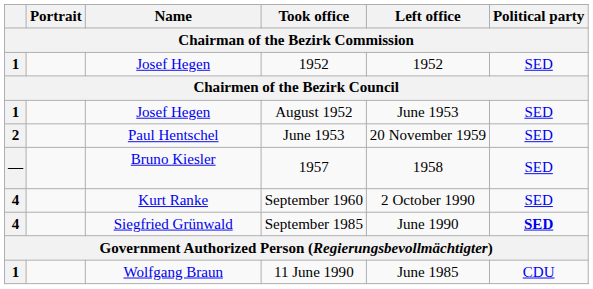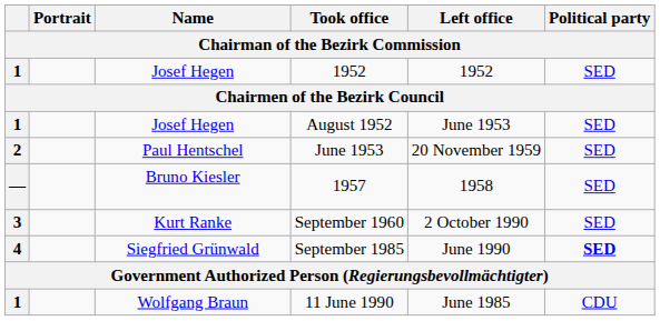 <table class="wikitable" style="text-align:center">
 <tr>
 <th></th>
 <th>Portrait</th>
 <th width=180>Name<br></th>
 <th>Took office</th>
 <th>Left office</th>
 <th>Political party</th>
 </tr>
 <tr>
 <th colspan=6>Chairman of the Bezirk Commission</th>
 </tr>
 <tr>
 <th style="background:">1</th>
 <td></td>
 <td><a href='#'>Josef Hegen</a><br></td>
 <td>1952</td>
 <td>1952</td>
 <td><a href='#'>SED</a></td>
 </tr>
 <tr>
 <th colspan=6>Chairmen of the Bezirk Council</th>
 </tr>
 <tr>
 <th style="background:">1</th>
 <td></td>
 <td><a href='#'>Josef Hegen</a><br></td>
 <td>August 1952</td>
 <td>June 1953</td>
 <td><a href='#'>SED</a></td>
 </tr>
 <tr>
 <th style="background:">2</th>
 <td></td>
 <td><a href='#'>Paul Hentschel</a><br></td>
 <td>June 1953</td>
 <td>20 November 1959</td>
 <td><a href='#'>SED</a></td>
 </tr>
 <tr>
 <th style="background:">—</th>
 <td></td>
 <td><a href='#'>Bruno Kiesler</a><br><br></td>
 <td>1957</td>
 <td>1958</td>
 <td><a href='#'>SED</a></td>
 </tr>
 <tr>
-<th style="background:">4</th>
+<th style="background:">3</th>
 <td></td>
 <td><a href='#'>Kurt Ranke</a><br></td>
 <td>September 1960</td>
 <td>2 October 1990</td>
 <td><a href='#'>SED</a></td>
 </tr>
 <tr>
 <th style="background:">4</th>
 <td></td>
 <td><a href='#'>Siegfried Grünwald</a><br></td>
 <td>September 1985</td>
 <td>June 1990</td>
 <td><strong><a href='#'>SED</a></strong></td>
 </tr>
 <tr>
 <th colspan=6>Government Authorized Person (<em>Regierungsbevollmächtigter</em>)</th>
 </tr>
 <tr>
 <th style="background:">1</th>
 <td></td>
 <td><a href='#'>Wolfgang Braun</a><br></td>
 <td>11 June 1990</td>
 <td>June 1985</td>
 <td><a href='#'>CDU</a></td>
 </tr>
 </table>
